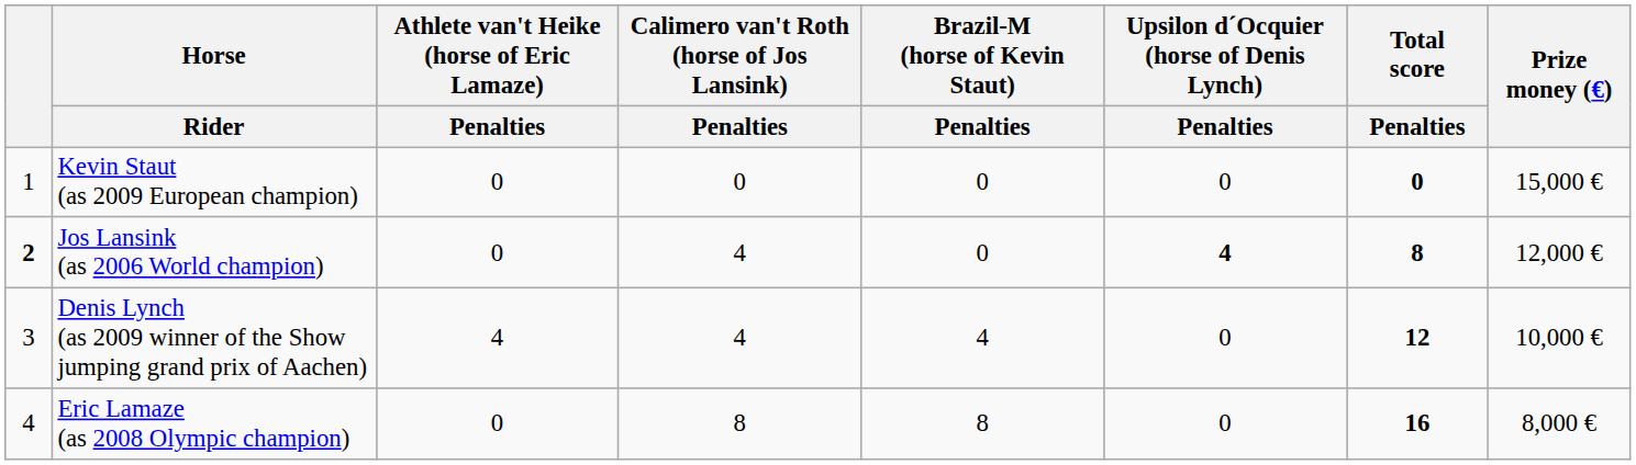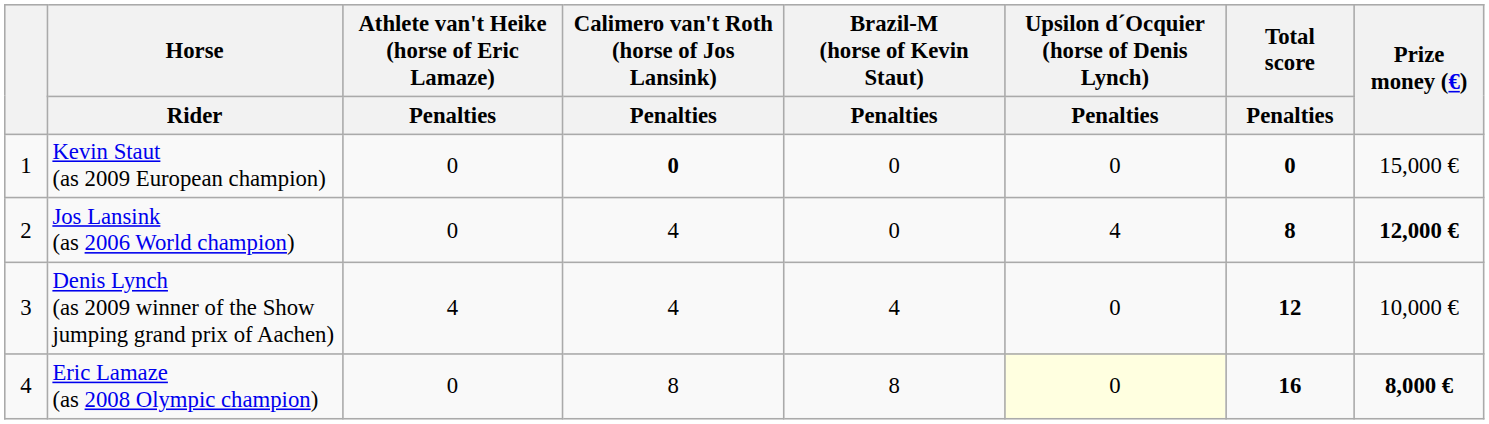 <table class="wikitable" style="font-size: 90%">
 <tr>
 <th rowspan="2" style="width:20px;"></th>
 <th width=180>Horse</th>
 <th width=133>Athlete van't Heike<br>(horse of Eric Lamaze)</th>
 <th width=133>Calimero van't Roth<br>(horse of Jos Lansink)</th>
 <th width=133>Brazil-M<br>(horse of Kevin Staut)</th>
 <th width=133>Upsilon d´Ocquier<br>(horse of Denis Lynch)</th>
 <th width=75>Total<br>score</th>
 <th rowspan="2" style="width:75px;">Prize<br>money (<a href='#'>€</a>)</th>
 </tr>
 <tr>
 <th width=75>Rider</th>
 <th>Penalties</th>
 <th>Penalties</th>
 <th>Penalties</th>
 <th>Penalties</th>
 <th>Penalties</th>
 </tr>
 <tr>
 <td align=center>1</td>
 <td> <a href='#'>Kevin Staut</a><br>(as 2009 European champion)</td>
 <td align=center>0</td>
-<td align=center>0</td>
+<td align=center><strong>0</strong></td>
 <td align=center>0</td>
 <td align=center>0</td>
 <td align=center><strong>0</strong></td>
 <td align=center>15,000 €</td>
 </tr>
 <tr>
-<td align=center><strong>2</strong></td>
+<td align=center>2</td>
 <td> <a href='#'>Jos Lansink</a><br>(as <a href='#'>2006 World champion</a>)</td>
 <td align=center>0</td>
 <td align=center>4</td>
 <td align=center>0</td>
-<td align=center><strong>4</strong></td>
+<td align=center>4</td>
 <td align=center><strong>8</strong></td>
-<td align=center>12,000 €</td>
+<td align=center><strong>12,000 €</strong></td>
 </tr>
 <tr>
 <td align=center>3</td>
 <td> <a href='#'>Denis Lynch</a><br>(as 2009 winner of the Show jumping grand prix of Aachen)</td>
 <td align=center>4</td>
 <td align=center>4</td>
 <td align=center>4</td>
 <td align=center>0</td>
 <td align=center><strong>12</strong></td>
 <td align=center>10,000 €</td>
 </tr>
 <tr>
 <td align=center>4</td>
 <td> <a href='#'>Eric Lamaze</a><br>(as <a href='#'>2008 Olympic champion</a>)</td>
 <td align=center>0</td>
 <td align=center>8</td>
 <td align=center>8</td>
-<td align=center>0</td>
+<td align=center style="background: lightyellow;">0</td>
 <td align=center><strong>16</strong></td>
-<td align=center>8,000 €</td>
+<td align=center><strong>8,000 €</strong></td>
 </tr>
 </table>
